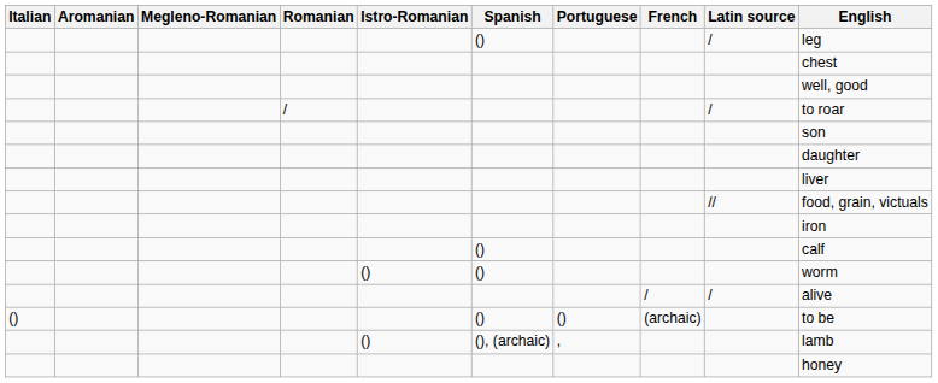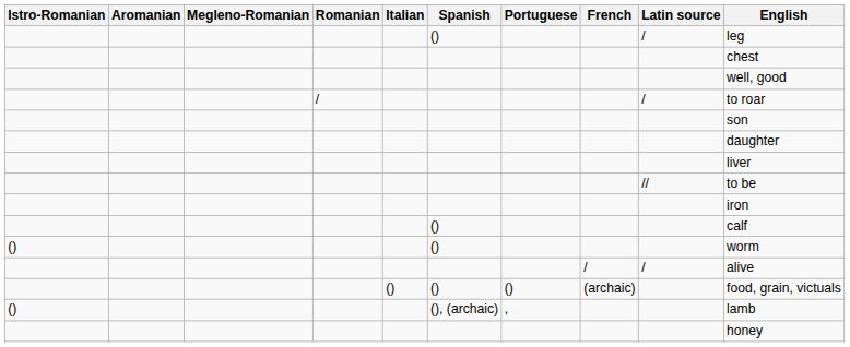 <table class="wikitable">
 <tr>
-<th>Italian</th>
+<th>Istro-Romanian</th>
 <th>Aromanian</th>
 <th>Megleno-Romanian</th>
 <th>Romanian</th>
-<th>Istro-Romanian</th>
+<th>Italian</th>
 <th>Spanish</th>
 <th>Portuguese</th>
 <th>French</th>
 <th>Latin source</th>
 <th>English</th>
 </tr>
 <tr>
 <td></td>
 <td></td>
 <td></td>
 <td></td>
 <td></td>
 <td>()</td>
 <td></td>
 <td></td>
 <td>/</td>
 <td>leg</td>
 </tr>
 <tr>
 <td></td>
 <td></td>
 <td></td>
 <td></td>
 <td></td>
 <td></td>
 <td></td>
 <td></td>
 <td></td>
 <td>chest</td>
 </tr>
 <tr>
 <td></td>
 <td></td>
 <td></td>
 <td></td>
 <td></td>
 <td></td>
 <td></td>
 <td></td>
 <td></td>
 <td>well, good</td>
 </tr>
 <tr>
 <td></td>
 <td></td>
 <td></td>
 <td>/</td>
 <td></td>
 <td></td>
 <td></td>
 <td></td>
 <td>/</td>
 <td>to roar</td>
 </tr>
 <tr>
 <td></td>
 <td></td>
 <td></td>
 <td></td>
 <td></td>
 <td></td>
 <td></td>
 <td></td>
 <td></td>
 <td>son</td>
 </tr>
 <tr>
 <td></td>
 <td></td>
 <td></td>
 <td></td>
 <td></td>
 <td></td>
 <td></td>
 <td></td>
 <td></td>
 <td>daughter</td>
 </tr>
 <tr>
 <td></td>
 <td></td>
 <td></td>
 <td></td>
 <td></td>
 <td></td>
 <td></td>
 <td></td>
 <td></td>
 <td>liver</td>
 </tr>
 <tr>
 <td></td>
 <td></td>
 <td></td>
 <td></td>
 <td></td>
 <td></td>
 <td></td>
 <td></td>
 <td>//</td>
-<td>food, grain, victuals</td>
+<td>to be</td>
 </tr>
 <tr>
 <td></td>
 <td></td>
 <td></td>
 <td></td>
 <td></td>
 <td></td>
 <td></td>
 <td></td>
 <td></td>
 <td>iron</td>
 </tr>
 <tr>
 <td></td>
 <td></td>
 <td></td>
 <td></td>
 <td></td>
 <td>()</td>
 <td></td>
 <td></td>
 <td></td>
 <td>calf</td>
 </tr>
 <tr>
+<td>()</td>
 <td></td>
 <td></td>
 <td></td>
 <td></td>
-<td>()</td>
 <td> ()</td>
 <td></td>
 <td></td>
 <td></td>
 <td>worm</td>
 </tr>
 <tr>
 <td></td>
 <td></td>
 <td></td>
 <td></td>
 <td></td>
 <td></td>
 <td></td>
 <td>/</td>
 <td>/</td>
 <td>alive</td>
 </tr>
 <tr>
-<td> ()</td>
 <td></td>
 <td></td>
 <td></td>
 <td></td>
 <td> ()</td>
 <td> ()</td>
+<td> ()</td>
 <td> (archaic)</td>
 <td></td>
-<td>to be</td>
+<td>food, grain, victuals</td>
 </tr>
 <tr>
+<td>()</td>
 <td></td>
 <td></td>
 <td></td>
 <td></td>
-<td>()</td>
 <td>(),  (archaic)</td>
 <td>, </td>
 <td></td>
 <td></td>
 <td>lamb</td>
 </tr>
 <tr>
 <td></td>
 <td></td>
 <td></td>
 <td></td>
 <td></td>
 <td></td>
 <td></td>
 <td></td>
 <td></td>
 <td>honey</td>
 </tr>
 </table>
